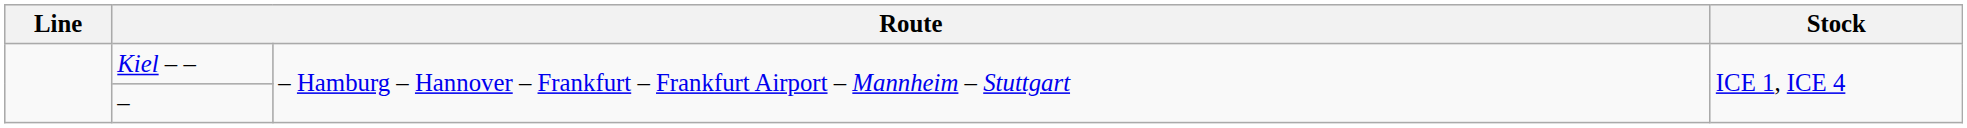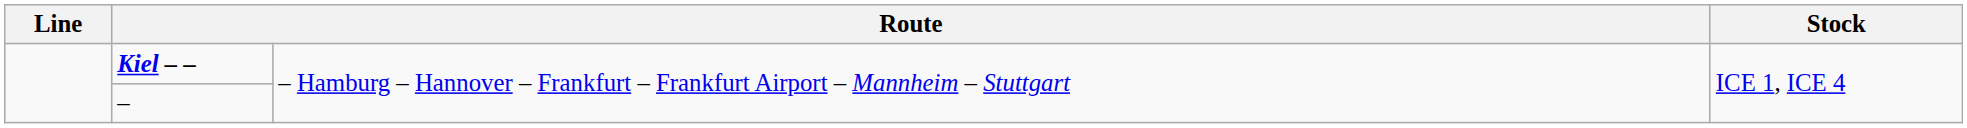 <table class="wikitable" width="100%">
 <tr>
 <th>Line</th>
 <th colspan=2>Route</th>
 <th>Stock</th>
 </tr>
 <tr>
 <td rowspan=2></td>
-<td><em><a href='#'>Kiel</a> –  –</em></td>
+<td><strong><em><a href='#'>Kiel</a> –  –</em></strong></td>
 <td rowspan=2> – <a href='#'>Hamburg</a> – <a href='#'>Hannover</a> – <a href='#'>Frankfurt</a> – <a href='#'>Frankfurt Airport</a> <em>– <a href='#'>Mannheim</a> – <a href='#'>Stuttgart</a></em></td>
 <td rowspan=2><a href='#'>ICE 1</a>, <a href='#'>ICE 4</a></td>
 </tr>
 <tr>
 <td><em> –</em></td>
 </tr>
 </table>
